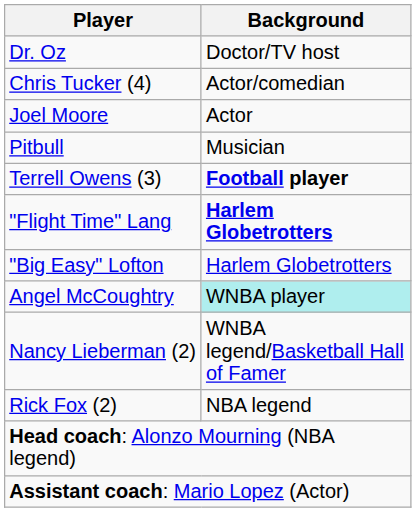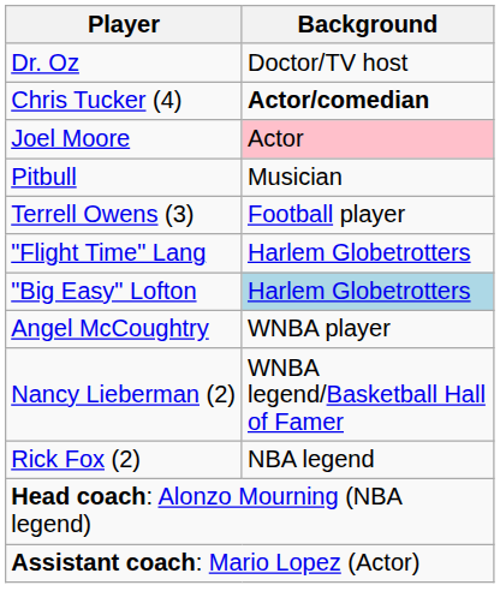 <table class="wikitable">
 <tr>
 <th width=150>Player</th>
 <th width=160>Background</th>
 </tr>
 <tr>
 <td><a href='#'>Dr. Oz</a></td>
 <td>Doctor/TV host</td>
 </tr>
 <tr>
 <td><a href='#'>Chris Tucker</a> (4)</td>
-<td>Actor/comedian</td>
+<td><strong>Actor/comedian</strong></td>
 </tr>
 <tr>
 <td><a href='#'>Joel Moore</a></td>
-<td>Actor</td>
+<td style="background: pink;">Actor</td>
 </tr>
 <tr>
 <td><a href='#'>Pitbull</a></td>
 <td>Musician</td>
 </tr>
 <tr>
 <td><a href='#'>Terrell Owens</a> (3)</td>
-<td><strong><a href='#'>Football</a> player</strong></td>
+<td><a href='#'>Football</a> player</td>
 </tr>
 <tr>
 <td><a href='#'>"Flight Time" Lang</a></td>
-<td><strong><a href='#'>Harlem Globetrotters</a></strong></td>
+<td><a href='#'>Harlem Globetrotters</a></td>
 </tr>
 <tr>
 <td><a href='#'>"Big Easy" Lofton</a></td>
-<td><a href='#'>Harlem Globetrotters</a></td>
+<td style="background: lightblue;"><a href='#'>Harlem Globetrotters</a></td>
 </tr>
 <tr>
 <td><a href='#'>Angel McCoughtry</a></td>
-<td style="background: paleturquoise;">WNBA player</td>
+<td>WNBA player</td>
 </tr>
 <tr>
 <td><a href='#'>Nancy Lieberman</a> (2)</td>
 <td>WNBA legend/<a href='#'>Basketball Hall of Famer</a></td>
 </tr>
 <tr>
 <td><a href='#'>Rick Fox</a> (2)</td>
 <td>NBA legend</td>
 </tr>
 <tr>
 <td colspan="3"><strong>Head coach</strong>: <a href='#'>Alonzo Mourning</a> (NBA legend)</td>
 </tr>
 <tr>
 <td colspan="3"><strong>Assistant coach</strong>: <a href='#'>Mario Lopez</a> (Actor)</td>
 </tr>
 </table>
